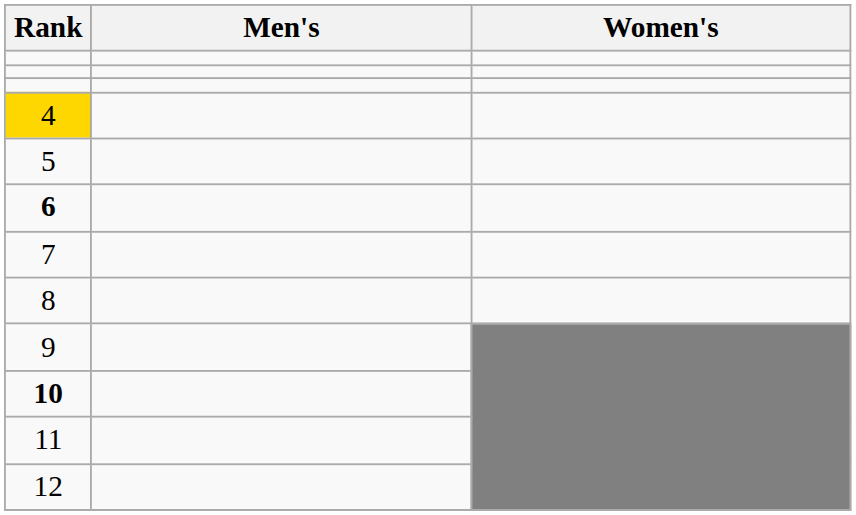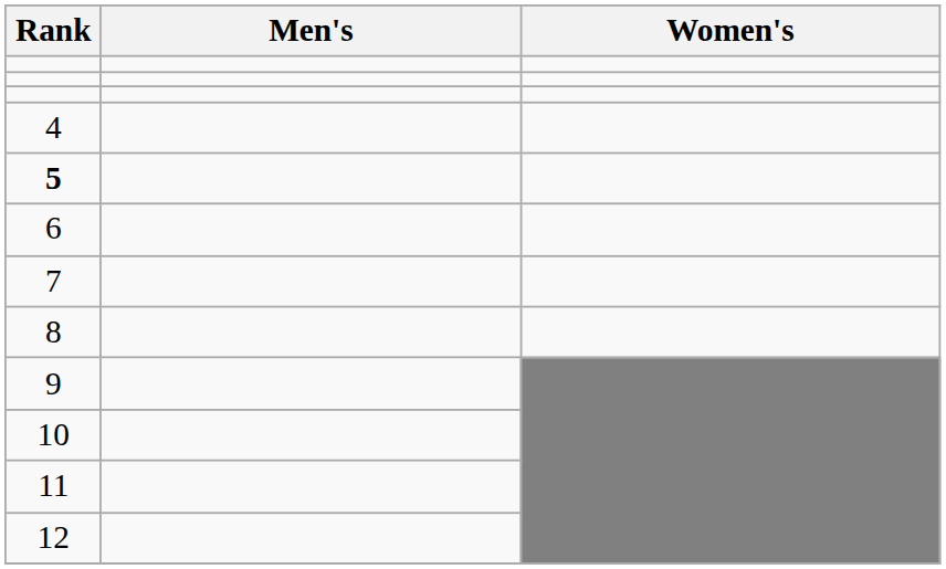 <table class="wikitable" style="text-align: center;">
 <tr>
 <th width=40>Rank</th>
 <th width=200>Men's</th>
 <th width=200>Women's</th>
 </tr>
 <tr>
 <td></td>
 <td align="left"></td>
 <td align="left"></td>
 </tr>
 <tr>
 <td></td>
 <td align="left"></td>
 <td align="left"></td>
 </tr>
 <tr>
 <td></td>
 <td align="left"></td>
 <td align="left"></td>
 </tr>
 <tr>
-<td style="background: gold;">4</td>
+<td>4</td>
 <td align="left"></td>
 <td align="left"></td>
 </tr>
 <tr>
-<td>5</td>
+<td><strong>5</strong></td>
 <td align="left"></td>
 <td align="left"></td>
 </tr>
 <tr>
-<td><strong>6</strong></td>
+<td>6</td>
 <td align="left"></td>
 <td align="left"></td>
 </tr>
 <tr>
 <td>7</td>
 <td align="left"></td>
 <td align="left"></td>
 </tr>
 <tr>
 <td>8</td>
 <td align="left"></td>
 <td align="left"></td>
 </tr>
 <tr>
 <td>9</td>
 <td align="left"></td>
 <td bgcolor="grey" rowspan="4"></td>
 </tr>
 <tr>
-<td><strong>10</strong></td>
+<td>10</td>
 <td align="left"></td>
 </tr>
 <tr>
 <td>11</td>
 <td align="left"></td>
 </tr>
 <tr>
 <td>12</td>
 <td align="left"></td>
 </tr>
 <tr>
 </tr>
 </table>
